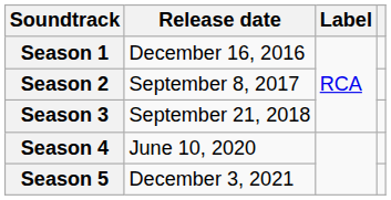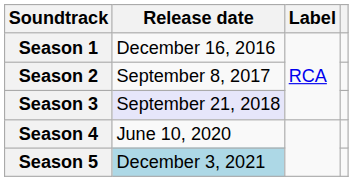 <table class="wikitable plainrowheaders">
 <tr>
 <th>Soundtrack</th>
 <th>Release date</th>
 <th>Label</th>
 <th></th>
 </tr>
 <tr>
 <th scope="row">Season 1</th>
 <td>December 16, 2016</td>
 <td rowspan="3"><a href='#'>RCA</a></td>
 <td align="center"></td>
 </tr>
 <tr>
 <th scope="row">Season 2</th>
 <td>September 8, 2017</td>
 <td align="center"></td>
 </tr>
 <tr>
 <th scope="row">Season 3</th>
-<td>September 21, 2018</td>
+<td style="background: lavender;">September 21, 2018</td>
 <td align="center"></td>
 </tr>
 <tr>
 <th scope="row">Season 4</th>
 <td>June 10, 2020</td>
 <td rowspan="2"></td>
 <td align="center"></td>
 </tr>
 <tr>
 <th scope="row">Season 5</th>
-<td>December 3, 2021</td>
+<td style="background: lightblue;">December 3, 2021</td>
 <td align="center"></td>
 </tr>
 </table>
